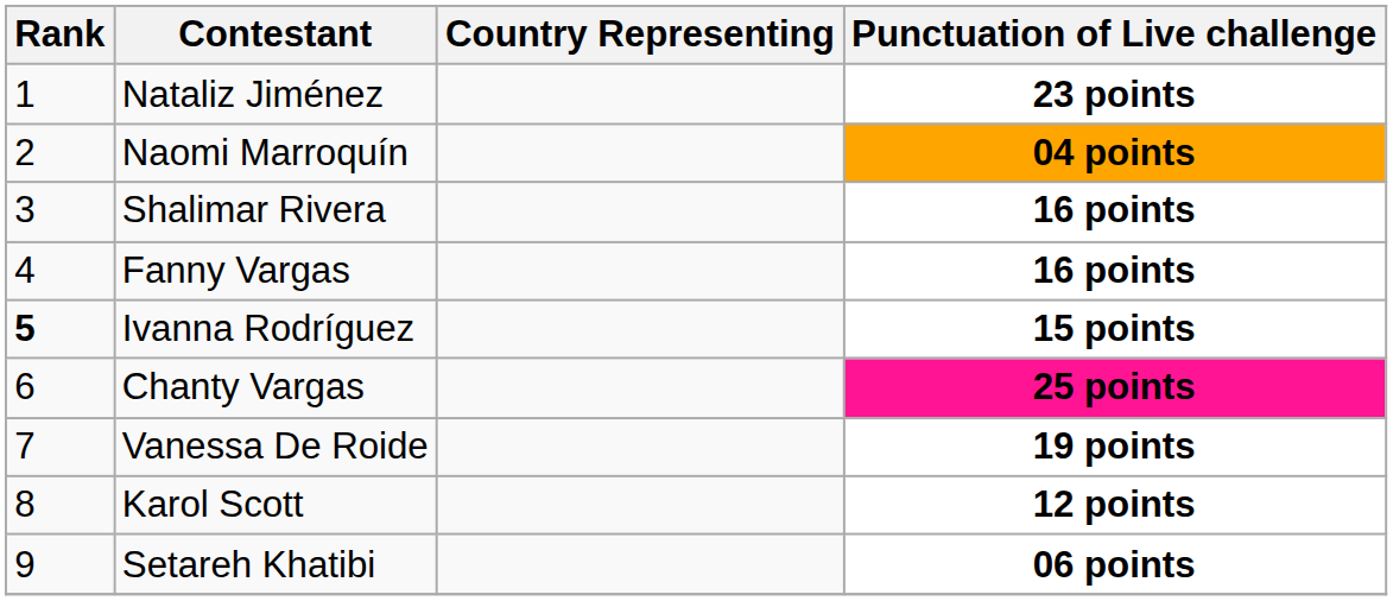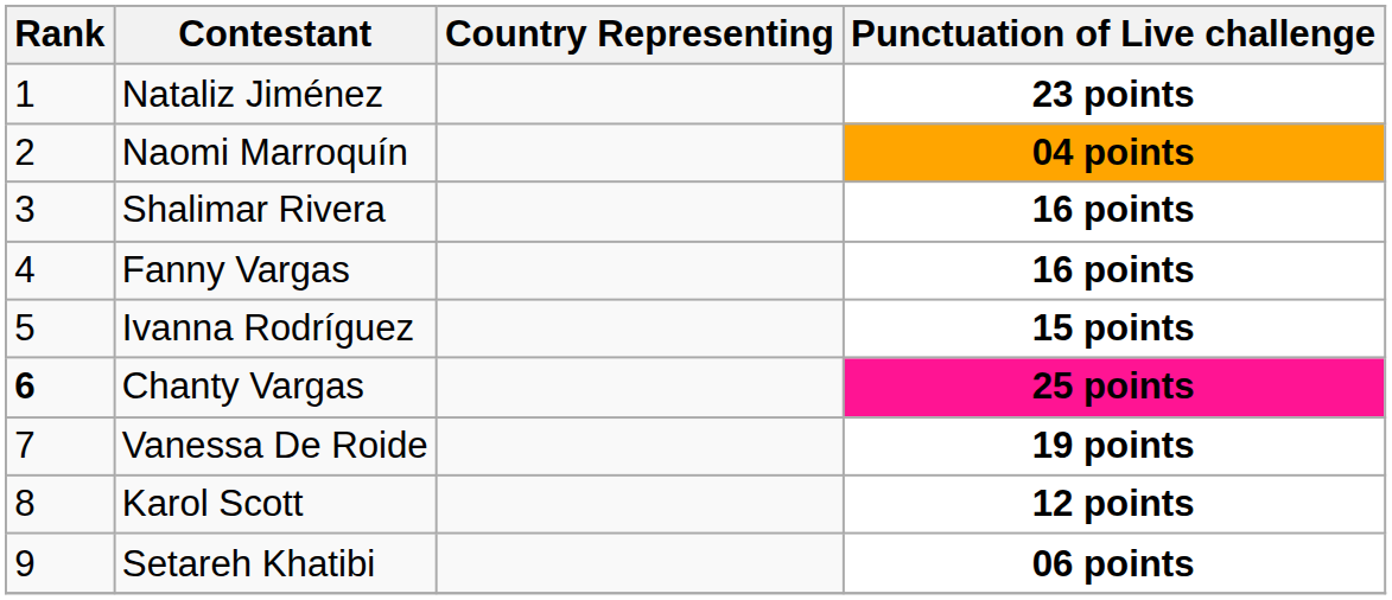 <table class="wikitable">
 <tr>
 <th>Rank</th>
 <th>Contestant</th>
 <th>Country Representing</th>
 <th>Punctuation of Live challenge</th>
 </tr>
 <tr>
 <td>1</td>
 <td>Nataliz Jiménez</td>
 <td><strong></strong></td>
 <td style="background:white; text-align:Center;"><strong> 23 points  </strong></td>
 </tr>
 <tr>
 <td>2</td>
 <td>Naomi Marroquín</td>
 <td><strong></strong></td>
 <td style="background:orange; text-align:Center;"><strong>04 points</strong></td>
 </tr>
 <tr>
 <td>3</td>
 <td>Shalimar Rivera</td>
 <td><strong></strong></td>
 <td style="background:white; text-align:Center;"><strong>16 points</strong></td>
 </tr>
 <tr>
 <td>4</td>
 <td>Fanny Vargas</td>
 <td><strong></strong></td>
 <td style="background:white; text-align:Center;"><strong>16 points</strong></td>
 </tr>
 <tr>
-<td><strong>5</strong></td>
+<td>5</td>
 <td>Ivanna Rodríguez</td>
 <td><strong></strong></td>
 <td style="background:white; text-align:Center;"><strong>15 points</strong></td>
 </tr>
 <tr>
-<td>6</td>
+<td><strong>6</strong></td>
 <td>Chanty Vargas</td>
 <td><strong></strong></td>
 <td style="background:deeppink; text-align:Center;"><strong>25 points</strong></td>
 </tr>
 <tr>
 <td>7</td>
 <td>Vanessa De Roide</td>
 <td><strong></strong></td>
 <td style="background:white; text-align:Center;"><strong> 19 points</strong></td>
 </tr>
 <tr>
 <td>8</td>
 <td>Karol Scott</td>
 <td><strong></strong></td>
 <td style="background:white; text-align:Center;"><strong>12 points</strong></td>
 </tr>
 <tr>
 <td>9</td>
 <td>Setareh Khatibi</td>
 <td><strong></strong></td>
 <td style="background:white; text-align:Center;"><strong> 06 points</strong></td>
 </tr>
 <tr>
 </tr>
 </table>
